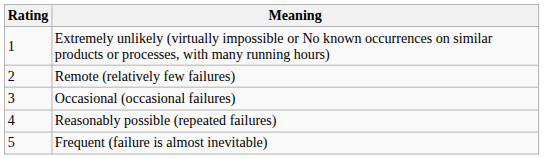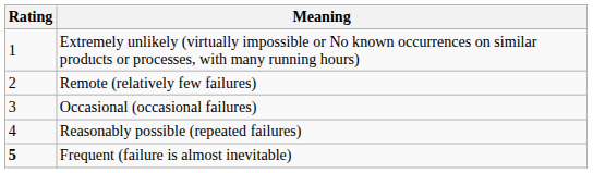 <table class="wikitable">
 <tr>
 <th>Rating</th>
 <th>Meaning</th>
 </tr>
 <tr>
 <td>1</td>
 <td>Extremely unlikely (virtually impossible or No known occurrences on similar products or processes, with many running hours)</td>
 </tr>
 <tr>
 <td>2</td>
 <td>Remote (relatively few failures)</td>
 </tr>
 <tr>
 <td>3</td>
 <td>Occasional (occasional failures)</td>
 </tr>
 <tr>
 <td>4</td>
 <td>Reasonably possible (repeated failures)</td>
 </tr>
 <tr>
-<td>5</td>
+<td><strong>5</strong></td>
 <td>Frequent (failure is almost inevitable)</td>
 </tr>
 </table>
